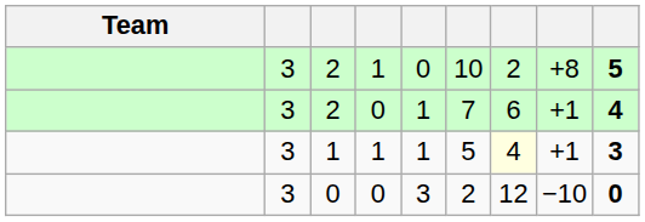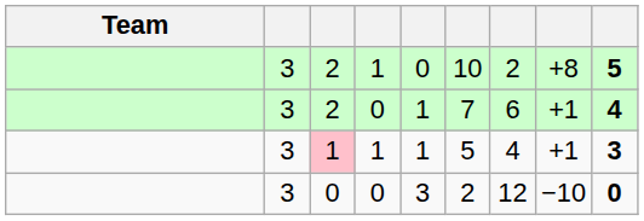 <table class="wikitable" style="text-align:center">
 <tr>
 <th width=150>Team</th>
 <th width=20></th>
 <th width=20></th>
 <th width=20></th>
 <th width=20></th>
 <th width=20></th>
 <th width=20></th>
 <th width=20></th>
 <th width=20></th>
 </tr>
 <tr bgcolor="#ccffcc">
 <td align=left></td>
 <td>3</td>
 <td>2</td>
 <td>1</td>
 <td>0</td>
 <td>10</td>
 <td>2</td>
 <td>+8</td>
 <td><strong>5</strong></td>
 </tr>
 <tr bgcolor="#ccffcc">
 <td align=left></td>
 <td>3</td>
 <td>2</td>
 <td>0</td>
 <td>1</td>
 <td>7</td>
 <td>6</td>
 <td>+1</td>
 <td><strong>4</strong></td>
 </tr>
 <tr>
 <td align=left></td>
 <td>3</td>
-<td>1</td>
+<td style="background: pink;">1</td>
 <td>1</td>
 <td>1</td>
 <td>5</td>
-<td style="background: lightyellow;">4</td>
+<td>4</td>
 <td>+1</td>
 <td><strong>3</strong></td>
 </tr>
 <tr>
 <td align=left></td>
 <td>3</td>
 <td>0</td>
 <td>0</td>
 <td>3</td>
 <td>2</td>
 <td>12</td>
 <td>−10</td>
 <td><strong>0</strong></td>
 </tr>
 </table>
